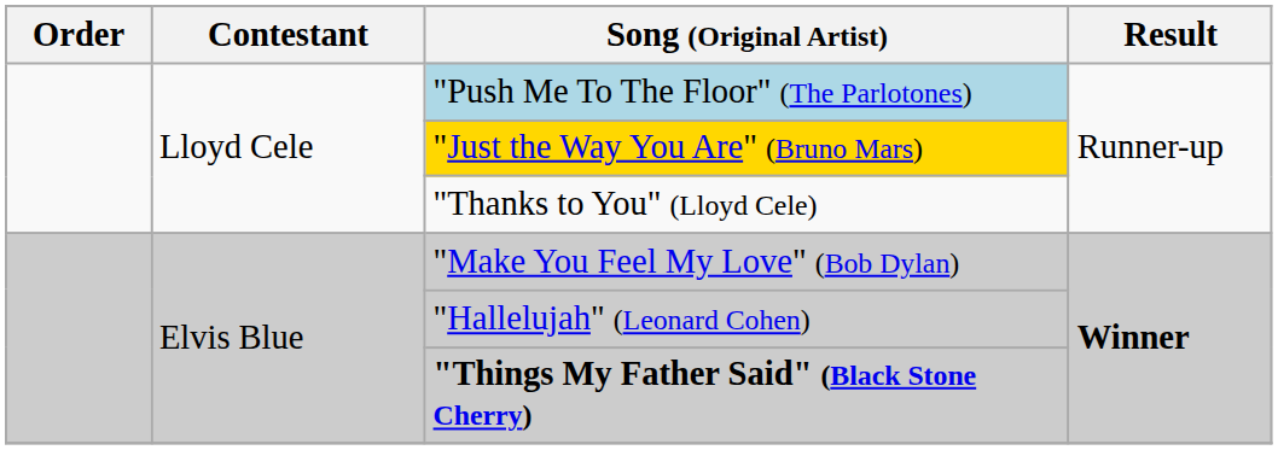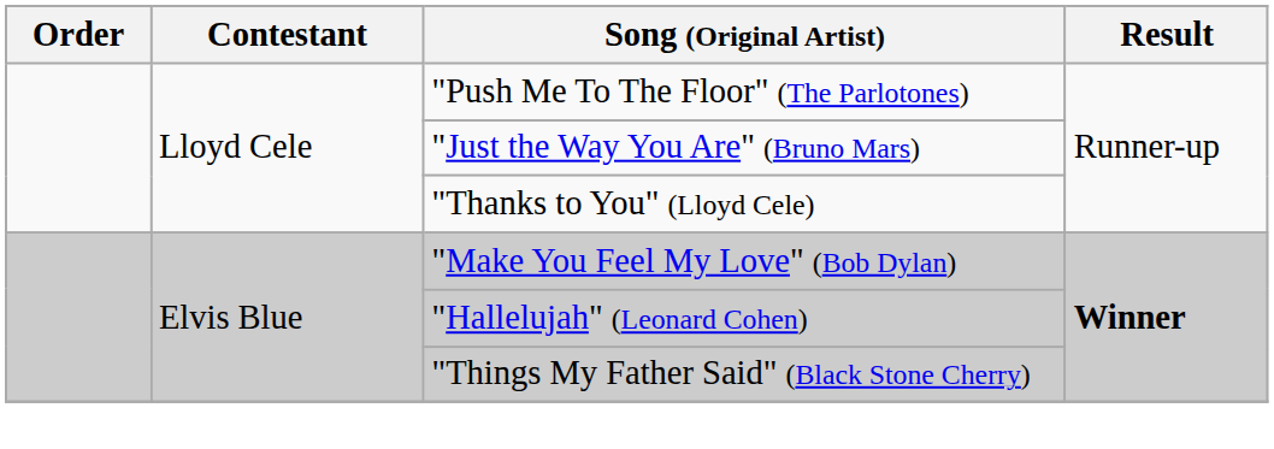 <table class="wikitable" style="font-size:90%; width:60%; text-align: left;">
 <tr>
 <th width="05%">Order</th>
 <th width="13%">Contestant</th>
 <th width="32%">Song <small>(Original Artist)</small></th>
 <th width="10%">Result</th>
 </tr>
 <tr>
 <td rowspan="3"></td>
 <td rowspan="3">Lloyd Cele</td>
-<td style="background: lightblue;">"Push Me To The Floor" <small>(<a href='#'>The Parlotones</a>)</small></td>
+<td>"Push Me To The Floor" <small>(<a href='#'>The Parlotones</a>)</small></td>
 <td rowspan="3">Runner-up</td>
 </tr>
 <tr>
-<td style="background: gold;">"<a href='#'>Just the Way You Are</a>" <small>(<a href='#'>Bruno Mars</a>)</small></td>
+<td>"<a href='#'>Just the Way You Are</a>" <small>(<a href='#'>Bruno Mars</a>)</small></td>
 </tr>
 <tr>
 <td>"Thanks to You" <small>(Lloyd Cele)</small></td>
 </tr>
 <tr>
 <td bgcolor="CCCCCC" rowspan="3"></td>
 <td bgcolor="CCCCCC" rowspan="3">Elvis Blue</td>
 <td bgcolor="CCCCCC">"<a href='#'>Make You Feel My Love</a>" <small>(<a href='#'>Bob Dylan</a>)</small></td>
 <td bgcolor="CCCCCC" rowspan="3"><strong>Winner</strong></td>
 </tr>
 <tr>
 <td bgcolor="CCCCCC">"<a href='#'>Hallelujah</a>" <small>(<a href='#'>Leonard Cohen</a>)</small></td>
 </tr>
 <tr>
-<td bgcolor="CCCCCC"><strong>"Things My Father Said" <small>(<a href='#'>Black Stone Cherry</a>)</small></strong></td>
+<td bgcolor="CCCCCC">"Things My Father Said" <small>(<a href='#'>Black Stone Cherry</a>)</small></td>
 </tr>
 <tr>
 </tr>
 </table>
